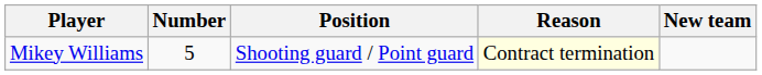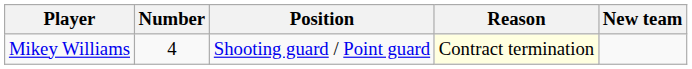 <table class="wikitable sortable sortable">
 <tr>
 <th>Player</th>
 <th>Number</th>
 <th>Position</th>
 <th>Reason</th>
 <th>New team</th>
 </tr>
 <tr style="text-align: center">
 <td><a href='#'>Mikey Williams</a></td>
-<td>5</td>
+<td>4</td>
 <td><a href='#'>Shooting guard</a> / <a href='#'>Point guard</a></td>
 <td style="background: lightyellow;">Contract termination</td>
 <td></td>
 </tr>
 </table>
